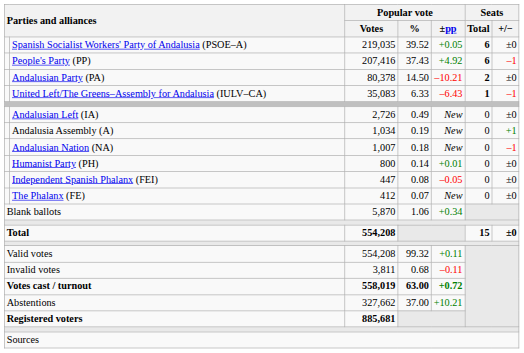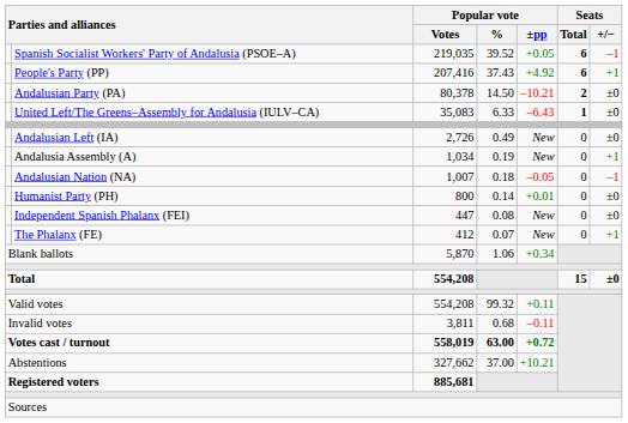 <table class="wikitable" style="text-align:right;">
 <tr>
 <th style="text-align:left;" rowspan="2" colspan="2" width="525">Parties and alliances</th>
 <th colspan="3">Popular vote</th>
 <th colspan="2">Seats</th>
 </tr>
 <tr>
 <th width="75">Votes</th>
 <th width="45">%</th>
 <th width="45">±<a href='#'>pp</a></th>
 <th width="35">Total</th>
 <th width="35">+/−</th>
 </tr>
 <tr>
 <td width="1" style="color:inherit;background:"></td>
 <td align="left"><a href='#'>Spanish Socialist Workers' Party of Andalusia</a> (PSOE–A)</td>
 <td>219,035</td>
 <td>39.52</td>
 <td style="color:green;">+0.05</td>
 <td><strong>6</strong></td>
-<td>±0</td>
+<td style="color:red;">–1</td>
 </tr>
 <tr>
 <td style="color:inherit;background:"></td>
 <td align="left"><a href='#'>People's Party</a> (PP)</td>
 <td>207,416</td>
 <td>37.43</td>
 <td style="color:green;">+4.92</td>
 <td><strong>6</strong></td>
-<td style="color:red;">–1</td>
+<td style="color:green;">+1</td>
 </tr>
 <tr>
 <td style="color:inherit;background:"></td>
 <td align="left"><a href='#'>Andalusian Party</a> (PA)</td>
 <td>80,378</td>
 <td>14.50</td>
 <td style="color:red;">–10.21</td>
 <td><strong>2</strong></td>
 <td>±0</td>
 </tr>
 <tr>
 <td style="color:inherit;background:"></td>
 <td align="left"><a href='#'>United Left/The Greens–Assembly for Andalusia</a> (IULV–CA)</td>
 <td>35,083</td>
 <td>6.33</td>
 <td style="color:red;">–6.43</td>
 <td><strong>1</strong></td>
-<td style="color:red;">–1</td>
+<td>±0</td>
 </tr>
 <tr>
 <td colspan="7" bgcolor="#C0C0C0"></td>
 </tr>
 <tr>
 <td style="color:inherit;background:"></td>
 <td align="left"><a href='#'>Andalusian Left</a> (IA)</td>
 <td>2,726</td>
 <td>0.49</td>
 <td><em>New</em></td>
 <td>0</td>
 <td>±0</td>
 </tr>
 <tr>
 <td style="color:inherit;background:"></td>
 <td align="left">Andalusia Assembly (A)</td>
 <td>1,034</td>
 <td>0.19</td>
 <td><em>New</em></td>
 <td>0</td>
 <td style="color:green;">+1</td>
 </tr>
 <tr>
 <td style="color:inherit;background:"></td>
 <td align="left"><a href='#'>Andalusian Nation</a> (NA)</td>
 <td>1,007</td>
 <td>0.18</td>
-<td><em>New</em></td>
+<td style="color:red;">–0.05</td>
 <td>0</td>
 <td style="color:red;">–1</td>
 </tr>
 <tr>
 <td style="color:inherit;background:"></td>
 <td align="left"><a href='#'>Humanist Party</a> (PH)</td>
 <td>800</td>
 <td>0.14</td>
 <td style="color:green;">+0.01</td>
 <td>0</td>
 <td>±0</td>
 </tr>
 <tr>
 <td style="color:inherit;background:"></td>
 <td align="left"><a href='#'>Independent Spanish Phalanx</a> (FEI)</td>
 <td>447</td>
 <td>0.08</td>
-<td style="color:red;">–0.05</td>
+<td><em>New</em></td>
 <td>0</td>
 <td>±0</td>
 </tr>
 <tr>
 <td style="color:inherit;background:"></td>
 <td align="left"><a href='#'>The Phalanx</a> (FE)</td>
 <td>412</td>
 <td>0.07</td>
 <td><em>New</em></td>
 <td>0</td>
-<td>±0</td>
+<td style="color:green;">+1</td>
 </tr>
 <tr>
 <td align="left" colspan="2">Blank ballots</td>
 <td>5,870</td>
 <td>1.06</td>
 <td style="color:green;">+0.34</td>
 <td bgcolor="#E9E9E9" colspan="2"></td>
 </tr>
 <tr>
 <td colspan="7" bgcolor="#E9E9E9"></td>
 </tr>
 <tr style="font-weight:bold;">
 <td align="left" colspan="2">Total</td>
 <td>554,208</td>
 <td bgcolor="#E9E9E9" colspan="2"></td>
 <td>15</td>
 <td>±0</td>
 </tr>
 <tr>
 <td colspan="7" bgcolor="#E9E9E9"></td>
 </tr>
 <tr>
 <td align="left" colspan="2">Valid votes</td>
 <td>554,208</td>
 <td>99.32</td>
 <td style="color:green;">+0.11</td>
 <td bgcolor="#E9E9E9" colspan="2" rowspan="5"></td>
 </tr>
 <tr>
 <td align="left" colspan="2">Invalid votes</td>
 <td>3,811</td>
 <td>0.68</td>
 <td style="color:red;">–0.11</td>
 </tr>
 <tr style="font-weight:bold;">
 <td align="left" colspan="2">Votes cast / turnout</td>
 <td>558,019</td>
 <td>63.00</td>
 <td style="color:green;">+0.72</td>
 </tr>
 <tr>
 <td align="left" colspan="2">Abstentions</td>
 <td>327,662</td>
 <td>37.00</td>
 <td style="color:green;">+10.21</td>
 </tr>
 <tr style="font-weight:bold;">
 <td align="left" colspan="2">Registered voters</td>
 <td>885,681</td>
 <td bgcolor="#E9E9E9" colspan="2"></td>
 </tr>
 <tr>
 <td colspan="7" bgcolor="#E9E9E9"></td>
 </tr>
 <tr>
 <td align="left" colspan="7">Sources</td>
 </tr>
 </table>
